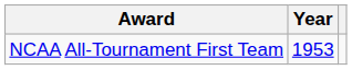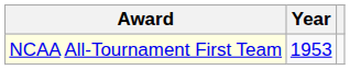 <table class="wikitable">
 <tr>
 <th>Award</th>
 <th>Year</th>
 <th></th>
 </tr>
 <tr>
-<td><a href='#'>NCAA</a> <a href='#'>All-Tournament First Team</a></td>
+<td style="background: lightyellow;"><a href='#'>NCAA</a> <a href='#'>All-Tournament First Team</a></td>
 <td><a href='#'>1953</a></td>
 <td></td>
 </tr>
 </table>
